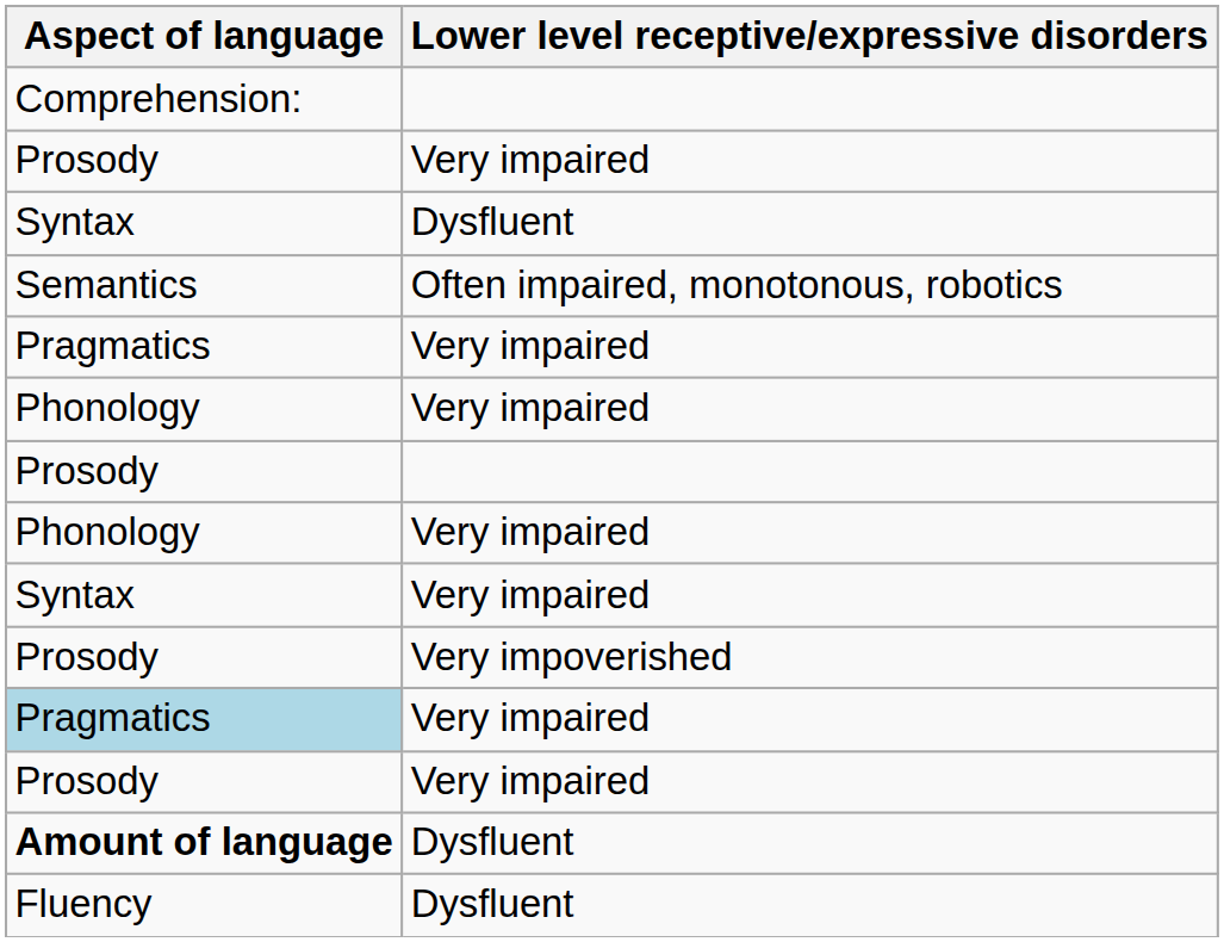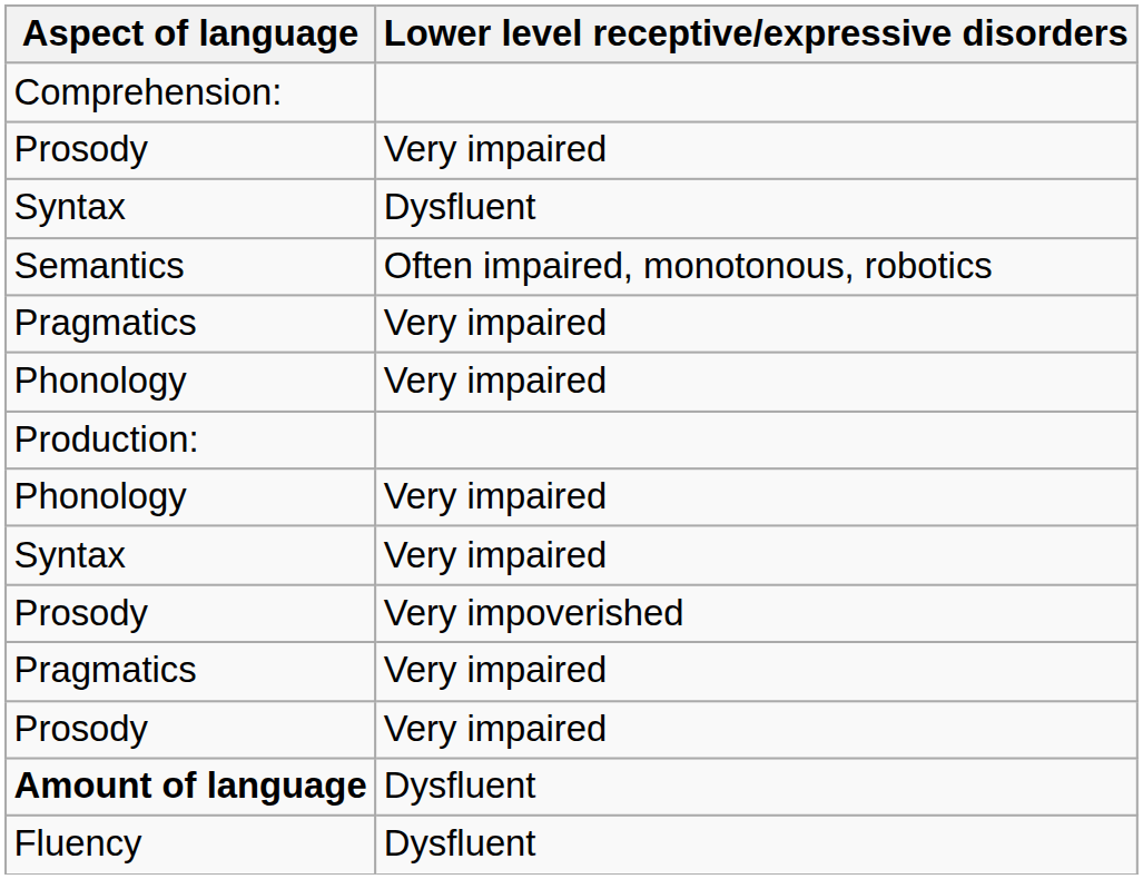 <table class="wikitable">
 <tr>
 <th>Aspect of language</th>
 <th>Lower level receptive/expressive disorders</th>
 </tr>
 <tr>
 <td>Comprehension:</td>
 <td></td>
 </tr>
 <tr>
 <td>Prosody</td>
 <td>Very impaired</td>
 </tr>
 <tr>
 <td>Syntax</td>
 <td>Dysfluent</td>
 </tr>
 <tr>
 <td>Semantics</td>
 <td>Often impaired, monotonous, robotics</td>
 </tr>
 <tr>
 <td>Pragmatics</td>
 <td>Very impaired</td>
 </tr>
 <tr>
 <td>Phonology</td>
 <td>Very impaired</td>
 </tr>
 <tr>
-<td>Prosody</td>
+<td>Production:</td>
 <td></td>
 </tr>
 <tr>
 <td>Phonology</td>
 <td>Very impaired</td>
 </tr>
 <tr>
 <td>Syntax</td>
 <td>Very impaired</td>
 </tr>
 <tr>
 <td>Prosody</td>
 <td>Very impoverished</td>
 </tr>
 <tr>
-<td style="background: lightblue;">Pragmatics</td>
+<td>Pragmatics</td>
 <td>Very impaired</td>
 </tr>
 <tr>
 <td>Prosody</td>
 <td>Very impaired</td>
 </tr>
 <tr>
 <td><strong>Amount of language</strong></td>
 <td>Dysfluent</td>
 </tr>
 <tr>
 <td>Fluency</td>
 <td>Dysfluent</td>
 </tr>
 </table>
